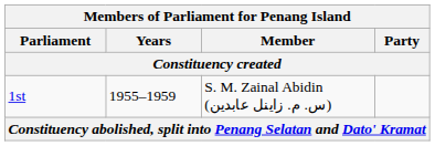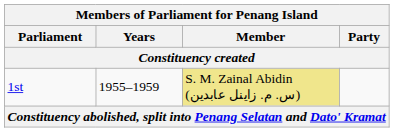 <table class="wikitable">
 <tr>
 <th colspan="4">Members of Parliament for Penang Island</th>
 </tr>
 <tr>
 <th>Parliament</th>
 <th>Years</th>
 <th>Member</th>
 <th>Party</th>
 </tr>
 <tr>
 <th colspan="4"><em>Constituency created</em></th>
 </tr>
 <tr>
 <td><a href='#'>1st</a></td>
 <td>1955–1959</td>
-<td>S. M. Zainal Abidin <br> (س. م. زاينل عابدين)</td>
+<td style="background: khaki;">S. M. Zainal Abidin <br> (س. م. زاينل عابدين)</td>
 <td></td>
 </tr>
 <tr>
 <th colspan="4"><em>Constituency abolished, split into <a href='#'>Penang Selatan</a> and <a href='#'>Dato' Kramat</a></em></th>
 </tr>
 </table>
